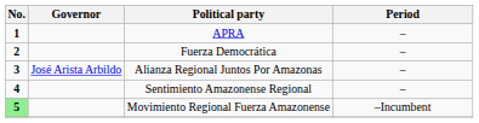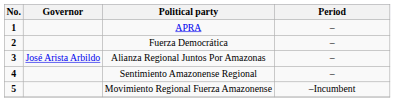 <table class=wikitable>
 <tr style="text-align:center; background:#e6e9ff;">
 <th>No.</th>
 <th>Governor</th>
 <th>Political party</th>
 <th width=30%>Period<br></th>
 </tr>
 <tr>
 <td align="center"><strong>1</strong></td>
 <td align="center"></td>
 <td align="center"><a href='#'>APRA</a></td>
 <td align="center">–<br></td>
 </tr>
 <tr>
 <td align="center"><strong>2</strong></td>
 <td align="center"></td>
 <td align="center">Fuerza Democrática</td>
 <td align="center">–<br></td>
 </tr>
 <tr>
 <td align="center"><strong>3</strong></td>
 <td align="center"><a href='#'>José Arista Arbildo</a></td>
 <td align="center">Alianza Regional Juntos Por Amazonas</td>
 <td align="center">–<br></td>
 </tr>
 <tr>
 <td align="center"><strong>4</strong></td>
 <td align="center"></td>
 <td align="center">Sentimiento Amazonense Regional</td>
 <td align="center">–<br></td>
 </tr>
 <tr>
-<td align="center" style="background: lightgreen;"><strong>5</strong></td>
+<td align="center"><strong>5</strong></td>
 <td align="center"></td>
 <td align="center">Movimiento Regional Fuerza Amazonense</td>
 <td align="center">–Incumbent<br></td>
 </tr>
 <tr>
 </tr>
 </table>
